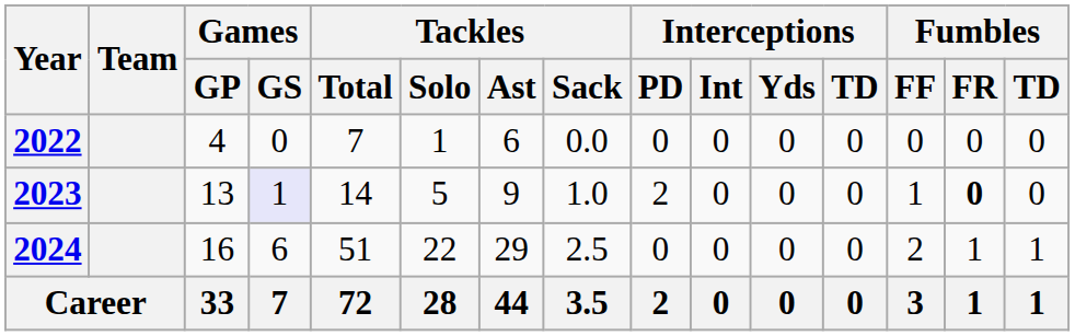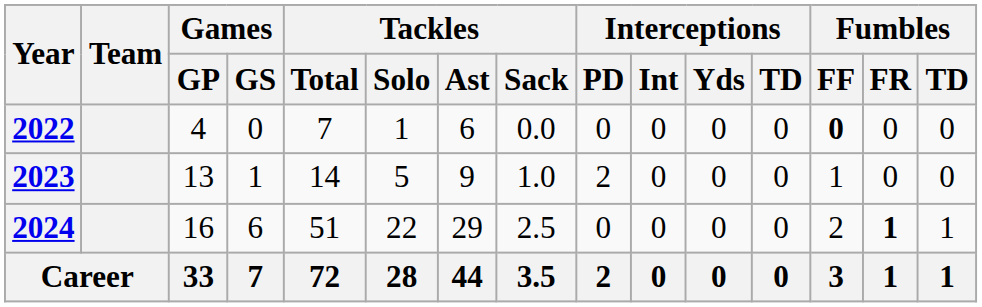 <table class="wikitable" style="text-align:center;">
 <tr>
 <th rowspan="2">Year</th>
 <th rowspan="2">Team</th>
 <th colspan="2">Games</th>
 <th colspan="4">Tackles</th>
 <th colspan="4">Interceptions</th>
 <th colspan="3">Fumbles</th>
 </tr>
 <tr>
 <th>GP</th>
 <th>GS</th>
 <th>Total</th>
 <th>Solo</th>
 <th>Ast</th>
 <th>Sack</th>
 <th>PD</th>
 <th>Int</th>
 <th>Yds</th>
 <th>TD</th>
 <th>FF</th>
 <th>FR</th>
 <th>TD</th>
 </tr>
 <tr>
 <th><a href='#'>2022</a></th>
 <th><a href='#'></a></th>
 <td>4</td>
 <td>0</td>
 <td>7</td>
 <td>1</td>
 <td>6</td>
 <td>0.0</td>
 <td>0</td>
 <td>0</td>
 <td>0</td>
 <td>0</td>
-<td>0</td>
+<td><strong>0</strong></td>
 <td>0</td>
 <td>0</td>
 </tr>
 <tr>
 <th><a href='#'>2023</a></th>
 <th><a href='#'></a></th>
 <td>13</td>
-<td style="background: lavender;">1</td>
+<td>1</td>
 <td>14</td>
 <td>5</td>
 <td>9</td>
 <td>1.0</td>
 <td>2</td>
 <td>0</td>
 <td>0</td>
 <td>0</td>
 <td>1</td>
-<td><strong>0</strong></td>
+<td>0</td>
 <td>0</td>
 </tr>
 <tr>
 <th><a href='#'>2024</a></th>
 <th><a href='#'></a></th>
 <td>16</td>
 <td>6</td>
 <td>51</td>
 <td>22</td>
 <td>29</td>
 <td>2.5</td>
 <td>0</td>
 <td>0</td>
 <td>0</td>
 <td>0</td>
 <td>2</td>
-<td>1</td>
+<td><strong>1</strong></td>
 <td>1</td>
 </tr>
 <tr>
 <th align=center colspan="2">Career</th>
 <th>33</th>
 <th>7</th>
 <th>72</th>
 <th>28</th>
 <th>44</th>
 <th>3.5</th>
 <th>2</th>
 <th>0</th>
 <th>0</th>
 <th>0</th>
 <th>3</th>
 <th>1</th>
 <th>1</th>
 </tr>
 </table>
